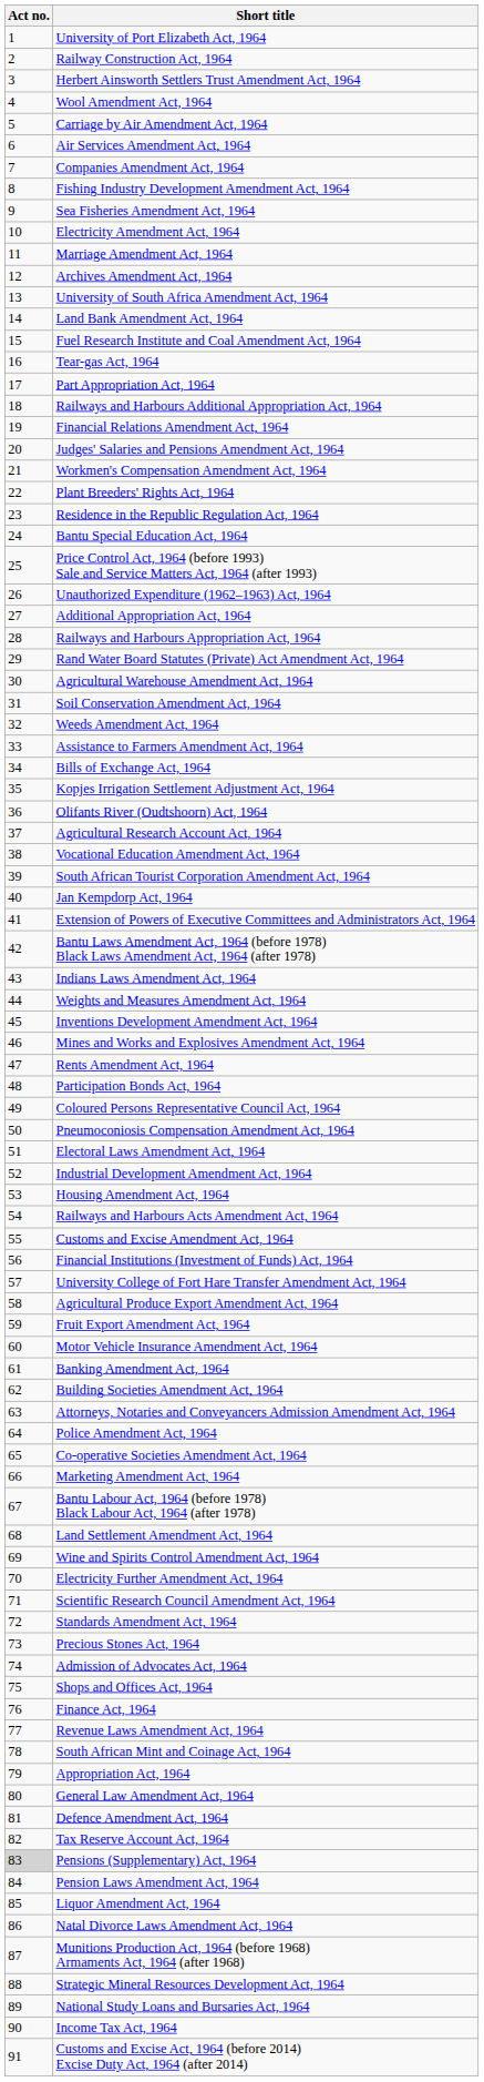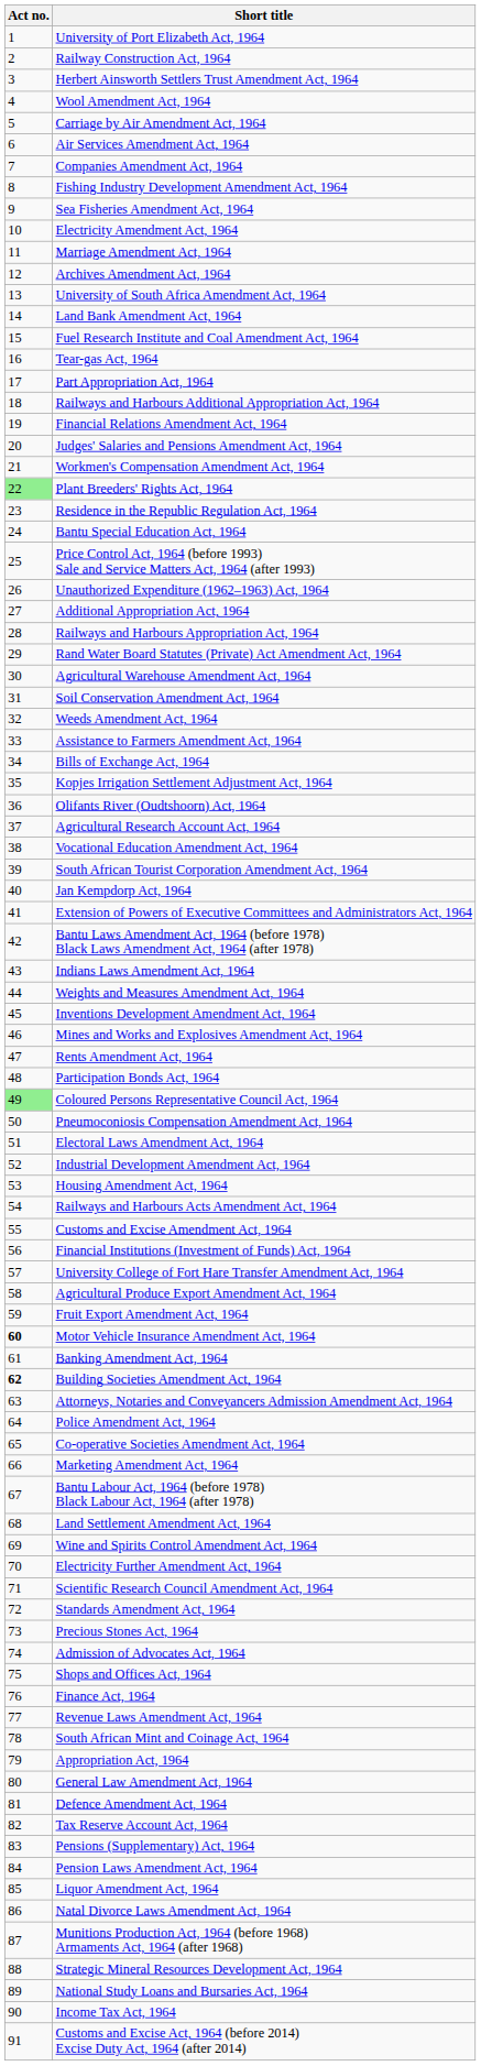 <table class="wikitable sortable">
 <tr>
 <th>Act no.</th>
 <th>Short title</th>
 </tr>
 <tr>
 <td>1</td>
 <td><a href='#'>University of Port Elizabeth Act, 1964</a></td>
 </tr>
 <tr>
 <td>2</td>
 <td><a href='#'>Railway Construction Act, 1964</a></td>
 </tr>
 <tr>
 <td>3</td>
 <td><a href='#'>Herbert Ainsworth Settlers Trust Amendment Act, 1964</a></td>
 </tr>
 <tr>
 <td>4</td>
 <td><a href='#'>Wool Amendment Act, 1964</a></td>
 </tr>
 <tr>
 <td>5</td>
 <td><a href='#'>Carriage by Air Amendment Act, 1964</a></td>
 </tr>
 <tr>
 <td>6</td>
 <td><a href='#'>Air Services Amendment Act, 1964</a></td>
 </tr>
 <tr>
 <td>7</td>
 <td><a href='#'>Companies Amendment Act, 1964</a></td>
 </tr>
 <tr>
 <td>8</td>
 <td><a href='#'>Fishing Industry Development Amendment Act, 1964</a></td>
 </tr>
 <tr>
 <td>9</td>
 <td><a href='#'>Sea Fisheries Amendment Act, 1964</a></td>
 </tr>
 <tr>
 <td>10</td>
 <td><a href='#'>Electricity Amendment Act, 1964</a></td>
 </tr>
 <tr>
 <td>11</td>
 <td><a href='#'>Marriage Amendment Act, 1964</a></td>
 </tr>
 <tr>
 <td>12</td>
 <td><a href='#'>Archives Amendment Act, 1964</a></td>
 </tr>
 <tr>
 <td>13</td>
 <td><a href='#'>University of South Africa Amendment Act, 1964</a></td>
 </tr>
 <tr>
 <td>14</td>
 <td><a href='#'>Land Bank Amendment Act, 1964</a></td>
 </tr>
 <tr>
 <td>15</td>
 <td><a href='#'>Fuel Research Institute and Coal Amendment Act, 1964</a></td>
 </tr>
 <tr>
 <td>16</td>
 <td><a href='#'>Tear-gas Act, 1964</a></td>
 </tr>
 <tr>
 <td>17</td>
 <td><a href='#'>Part Appropriation Act, 1964</a></td>
 </tr>
 <tr>
 <td>18</td>
 <td><a href='#'>Railways and Harbours Additional Appropriation Act, 1964</a></td>
 </tr>
 <tr>
 <td>19</td>
 <td><a href='#'>Financial Relations Amendment Act, 1964</a></td>
 </tr>
 <tr>
 <td>20</td>
 <td><a href='#'>Judges' Salaries and Pensions Amendment Act, 1964</a></td>
 </tr>
 <tr>
 <td>21</td>
 <td><a href='#'>Workmen's Compensation Amendment Act, 1964</a></td>
 </tr>
 <tr>
-<td>22</td>
+<td style="background: lightgreen;">22</td>
 <td><a href='#'>Plant Breeders' Rights Act, 1964</a></td>
 </tr>
 <tr>
 <td>23</td>
 <td><a href='#'>Residence in the Republic Regulation Act, 1964</a></td>
 </tr>
 <tr>
 <td>24</td>
 <td><a href='#'>Bantu Special Education Act, 1964</a></td>
 </tr>
 <tr>
 <td>25</td>
 <td><a href='#'>Price Control Act, 1964</a> (before 1993) <br><a href='#'>Sale and Service Matters Act, 1964</a> (after 1993)</td>
 </tr>
 <tr>
 <td>26</td>
 <td><a href='#'>Unauthorized Expenditure (1962–1963) Act, 1964</a></td>
 </tr>
 <tr>
 <td>27</td>
 <td><a href='#'>Additional Appropriation Act, 1964</a></td>
 </tr>
 <tr>
 <td>28</td>
 <td><a href='#'>Railways and Harbours Appropriation Act, 1964</a></td>
 </tr>
 <tr>
 <td>29</td>
 <td><a href='#'>Rand Water Board Statutes (Private) Act Amendment Act, 1964</a></td>
 </tr>
 <tr>
 <td>30</td>
 <td><a href='#'>Agricultural Warehouse Amendment Act, 1964</a></td>
 </tr>
 <tr>
 <td>31</td>
 <td><a href='#'>Soil Conservation Amendment Act, 1964</a></td>
 </tr>
 <tr>
 <td>32</td>
 <td><a href='#'>Weeds Amendment Act, 1964</a></td>
 </tr>
 <tr>
 <td>33</td>
 <td><a href='#'>Assistance to Farmers Amendment Act, 1964</a></td>
 </tr>
 <tr>
 <td>34</td>
 <td><a href='#'>Bills of Exchange Act, 1964</a></td>
 </tr>
 <tr>
 <td>35</td>
 <td><a href='#'>Kopjes Irrigation Settlement Adjustment Act, 1964</a></td>
 </tr>
 <tr>
 <td>36</td>
 <td><a href='#'>Olifants River (Oudtshoorn) Act, 1964</a></td>
 </tr>
 <tr>
 <td>37</td>
 <td><a href='#'>Agricultural Research Account Act, 1964</a></td>
 </tr>
 <tr>
 <td>38</td>
 <td><a href='#'>Vocational Education Amendment Act, 1964</a></td>
 </tr>
 <tr>
 <td>39</td>
 <td><a href='#'>South African Tourist Corporation Amendment Act, 1964</a></td>
 </tr>
 <tr>
 <td>40</td>
 <td><a href='#'>Jan Kempdorp Act, 1964</a></td>
 </tr>
 <tr>
 <td>41</td>
 <td><a href='#'>Extension of Powers of Executive Committees and Administrators Act, 1964</a></td>
 </tr>
 <tr>
 <td>42</td>
 <td><a href='#'>Bantu Laws Amendment Act, 1964</a> (before 1978) <br><a href='#'>Black Laws Amendment Act, 1964</a> (after 1978)</td>
 </tr>
 <tr>
 <td>43</td>
 <td><a href='#'>Indians Laws Amendment Act, 1964</a></td>
 </tr>
 <tr>
 <td>44</td>
 <td><a href='#'>Weights and Measures Amendment Act, 1964</a></td>
 </tr>
 <tr>
 <td>45</td>
 <td><a href='#'>Inventions Development Amendment Act, 1964</a></td>
 </tr>
 <tr>
 <td>46</td>
 <td><a href='#'>Mines and Works and Explosives Amendment Act, 1964</a></td>
 </tr>
 <tr>
 <td>47</td>
 <td><a href='#'>Rents Amendment Act, 1964</a></td>
 </tr>
 <tr>
 <td>48</td>
 <td><a href='#'>Participation Bonds Act, 1964</a></td>
 </tr>
 <tr>
-<td>49</td>
+<td style="background: lightgreen;">49</td>
 <td><a href='#'>Coloured Persons Representative Council Act, 1964</a></td>
 </tr>
 <tr>
 <td>50</td>
 <td><a href='#'>Pneumoconiosis Compensation Amendment Act, 1964</a></td>
 </tr>
 <tr>
 <td>51</td>
 <td><a href='#'>Electoral Laws Amendment Act, 1964</a></td>
 </tr>
 <tr>
 <td>52</td>
 <td><a href='#'>Industrial Development Amendment Act, 1964</a></td>
 </tr>
 <tr>
 <td>53</td>
 <td><a href='#'>Housing Amendment Act, 1964</a></td>
 </tr>
 <tr>
 <td>54</td>
 <td><a href='#'>Railways and Harbours Acts Amendment Act, 1964</a></td>
 </tr>
 <tr>
 <td>55</td>
 <td><a href='#'>Customs and Excise Amendment Act, 1964</a></td>
 </tr>
 <tr>
 <td>56</td>
 <td><a href='#'>Financial Institutions (Investment of Funds) Act, 1964</a></td>
 </tr>
 <tr>
 <td>57</td>
 <td><a href='#'>University College of Fort Hare Transfer Amendment Act, 1964</a></td>
 </tr>
 <tr>
 <td>58</td>
 <td><a href='#'>Agricultural Produce Export Amendment Act, 1964</a></td>
 </tr>
 <tr>
 <td>59</td>
 <td><a href='#'>Fruit Export Amendment Act, 1964</a></td>
 </tr>
 <tr>
-<td>60</td>
+<td><strong>60</strong></td>
 <td><a href='#'>Motor Vehicle Insurance Amendment Act, 1964</a></td>
 </tr>
 <tr>
 <td>61</td>
 <td><a href='#'>Banking Amendment Act, 1964</a></td>
 </tr>
 <tr>
-<td>62</td>
+<td><strong>62</strong></td>
 <td><a href='#'>Building Societies Amendment Act, 1964</a></td>
 </tr>
 <tr>
 <td>63</td>
 <td><a href='#'>Attorneys, Notaries and Conveyancers Admission Amendment Act, 1964</a></td>
 </tr>
 <tr>
 <td>64</td>
 <td><a href='#'>Police Amendment Act, 1964</a></td>
 </tr>
 <tr>
 <td>65</td>
 <td><a href='#'>Co-operative Societies Amendment Act, 1964</a></td>
 </tr>
 <tr>
 <td>66</td>
 <td><a href='#'>Marketing Amendment Act, 1964</a></td>
 </tr>
 <tr>
 <td>67</td>
 <td><a href='#'>Bantu Labour Act, 1964</a> (before 1978) <br><a href='#'>Black Labour Act, 1964</a> (after 1978)</td>
 </tr>
 <tr>
 <td>68</td>
 <td><a href='#'>Land Settlement Amendment Act, 1964</a></td>
 </tr>
 <tr>
 <td>69</td>
 <td><a href='#'>Wine and Spirits Control Amendment Act, 1964</a></td>
 </tr>
 <tr>
 <td>70</td>
 <td><a href='#'>Electricity Further Amendment Act, 1964</a></td>
 </tr>
 <tr>
 <td>71</td>
 <td><a href='#'>Scientific Research Council Amendment Act, 1964</a></td>
 </tr>
 <tr>
 <td>72</td>
 <td><a href='#'>Standards Amendment Act, 1964</a></td>
 </tr>
 <tr>
 <td>73</td>
 <td><a href='#'>Precious Stones Act, 1964</a></td>
 </tr>
 <tr>
 <td>74</td>
 <td><a href='#'>Admission of Advocates Act, 1964</a></td>
 </tr>
 <tr>
 <td>75</td>
 <td><a href='#'>Shops and Offices Act, 1964</a></td>
 </tr>
 <tr>
 <td>76</td>
 <td><a href='#'>Finance Act, 1964</a></td>
 </tr>
 <tr>
 <td>77</td>
 <td><a href='#'>Revenue Laws Amendment Act, 1964</a></td>
 </tr>
 <tr>
 <td>78</td>
 <td><a href='#'>South African Mint and Coinage Act, 1964</a></td>
 </tr>
 <tr>
 <td>79</td>
 <td><a href='#'>Appropriation Act, 1964</a></td>
 </tr>
 <tr>
 <td>80</td>
 <td><a href='#'>General Law Amendment Act, 1964</a></td>
 </tr>
 <tr>
 <td>81</td>
 <td><a href='#'>Defence Amendment Act, 1964</a></td>
 </tr>
 <tr>
 <td>82</td>
 <td><a href='#'>Tax Reserve Account Act, 1964</a></td>
 </tr>
 <tr>
-<td style="background: lightgrey;">83</td>
+<td>83</td>
 <td><a href='#'>Pensions (Supplementary) Act, 1964</a></td>
 </tr>
 <tr>
 <td>84</td>
 <td><a href='#'>Pension Laws Amendment Act, 1964</a></td>
 </tr>
 <tr>
 <td>85</td>
 <td><a href='#'>Liquor Amendment Act, 1964</a></td>
 </tr>
 <tr>
 <td>86</td>
 <td><a href='#'>Natal Divorce Laws Amendment Act, 1964</a></td>
 </tr>
 <tr>
 <td>87</td>
 <td><a href='#'>Munitions Production Act, 1964</a> (before 1968) <br><a href='#'>Armaments Act, 1964</a> (after 1968)</td>
 </tr>
 <tr>
 <td>88</td>
 <td><a href='#'>Strategic Mineral Resources Development Act, 1964</a></td>
 </tr>
 <tr>
 <td>89</td>
 <td><a href='#'>National Study Loans and Bursaries Act, 1964</a></td>
 </tr>
 <tr>
 <td>90</td>
 <td><a href='#'>Income Tax Act, 1964</a></td>
 </tr>
 <tr>
 <td>91</td>
 <td><a href='#'>Customs and Excise Act, 1964</a> (before 2014)<br><a href='#'>Excise Duty Act, 1964</a> (after 2014)</td>
 </tr>
 </table>
